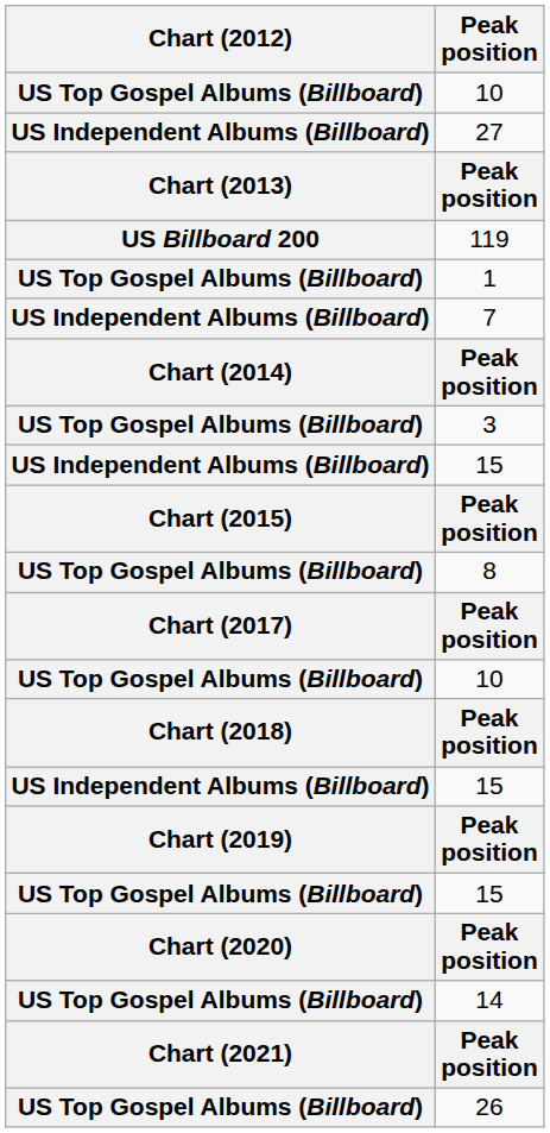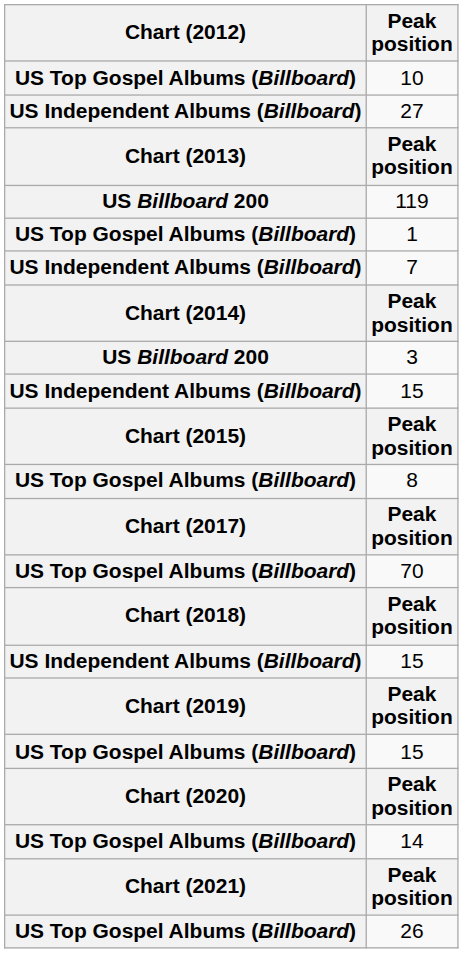 <table class="wikitable sortable plainrowheaders">
 <tr>
 <th scope="col">Chart (2012)</th>
 <th scope="col">Peak<br>position</th>
 </tr>
 <tr>
 <th scope="row">US Top Gospel Albums (<em>Billboard</em>)</th>
 <td align="center">10</td>
 </tr>
 <tr>
 <th scope="row">US Independent Albums (<em>Billboard</em>)</th>
 <td align="center">27</td>
 </tr>
 <tr>
 <th scope="col">Chart (2013)</th>
 <th scope="col">Peak<br>position</th>
 </tr>
 <tr>
 <th scope="row">US <em>Billboard</em> 200</th>
 <td align="center">119</td>
 </tr>
 <tr>
 <th scope="row">US Top Gospel Albums (<em>Billboard</em>)</th>
 <td align="center">1</td>
 </tr>
 <tr>
 <th scope="row">US Independent Albums (<em>Billboard</em>)</th>
 <td align="center">7</td>
 </tr>
 <tr>
 <th scope="col">Chart (2014)</th>
 <th scope="col">Peak<br>position</th>
 </tr>
 <tr>
-<th scope="row">US Top Gospel Albums (<em>Billboard</em>)</th>
+<th scope="row">US <em>Billboard</em> 200</th>
 <td align="center">3</td>
 </tr>
 <tr>
 <th scope="row">US Independent Albums (<em>Billboard</em>)</th>
 <td align="center">15</td>
 </tr>
 <tr>
 <th scope="col">Chart (2015)</th>
 <th scope="col">Peak<br>position</th>
 </tr>
 <tr>
 <th scope="row">US Top Gospel Albums (<em>Billboard</em>)</th>
 <td align="center">8</td>
 </tr>
 <tr>
 <th scope="col">Chart (2017)</th>
 <th scope="col">Peak<br>position</th>
 </tr>
 <tr>
 <th scope="row">US Top Gospel Albums (<em>Billboard</em>)</th>
-<td align="center">10</td>
+<td align="center">70</td>
 </tr>
 <tr>
 <th scope="col">Chart (2018)</th>
 <th scope="col">Peak<br>position</th>
 </tr>
 <tr>
 <th scope="row">US Independent Albums (<em>Billboard</em>)</th>
 <td align="center">15</td>
 </tr>
 <tr>
 <th scope="col">Chart (2019)</th>
 <th scope="col">Peak<br>position</th>
 </tr>
 <tr>
 <th scope="row">US Top Gospel Albums (<em>Billboard</em>)</th>
 <td align="center">15</td>
 </tr>
 <tr>
 <th scope="col">Chart (2020)</th>
 <th scope="col">Peak<br>position</th>
 </tr>
 <tr>
 <th scope="row">US Top Gospel Albums (<em>Billboard</em>)</th>
 <td align="center">14</td>
 </tr>
 <tr>
 <th scope="col">Chart (2021)</th>
 <th scope="col">Peak<br>position</th>
 </tr>
 <tr>
 <th scope="row">US Top Gospel Albums (<em>Billboard</em>)</th>
 <td align="center">26</td>
 </tr>
 </table>
